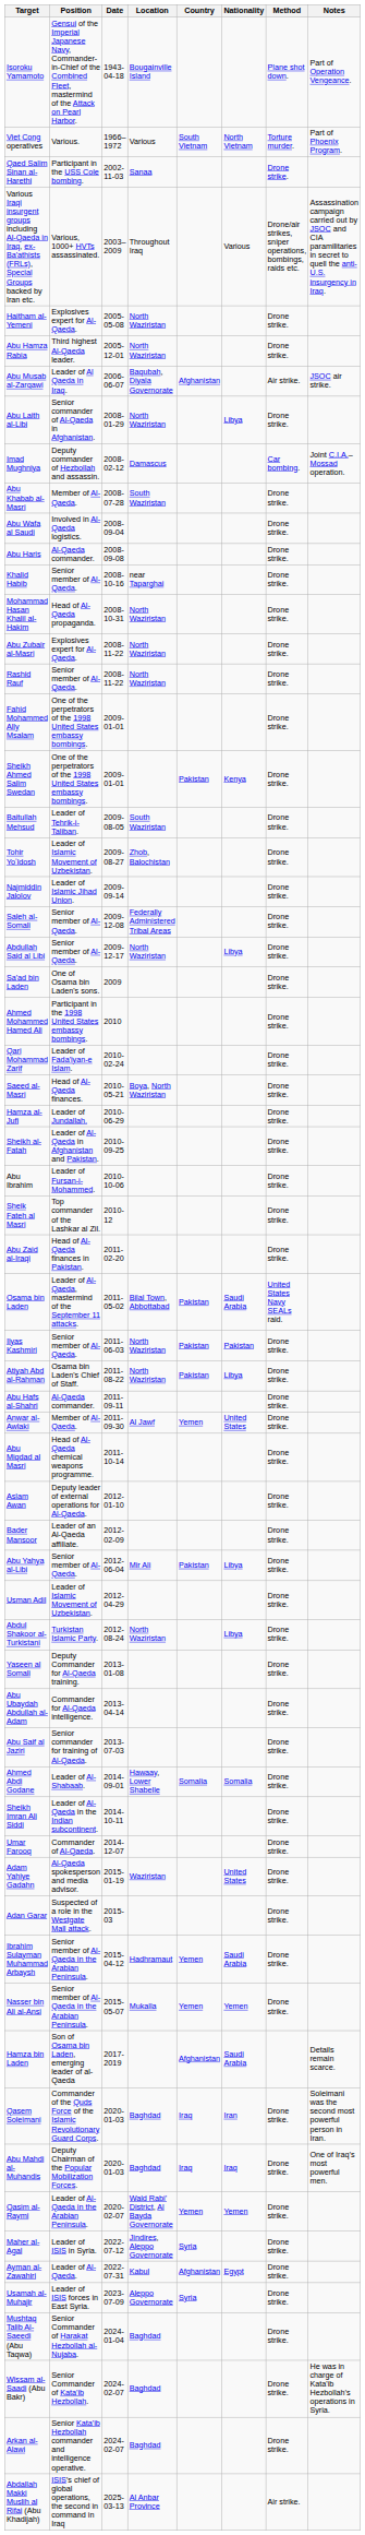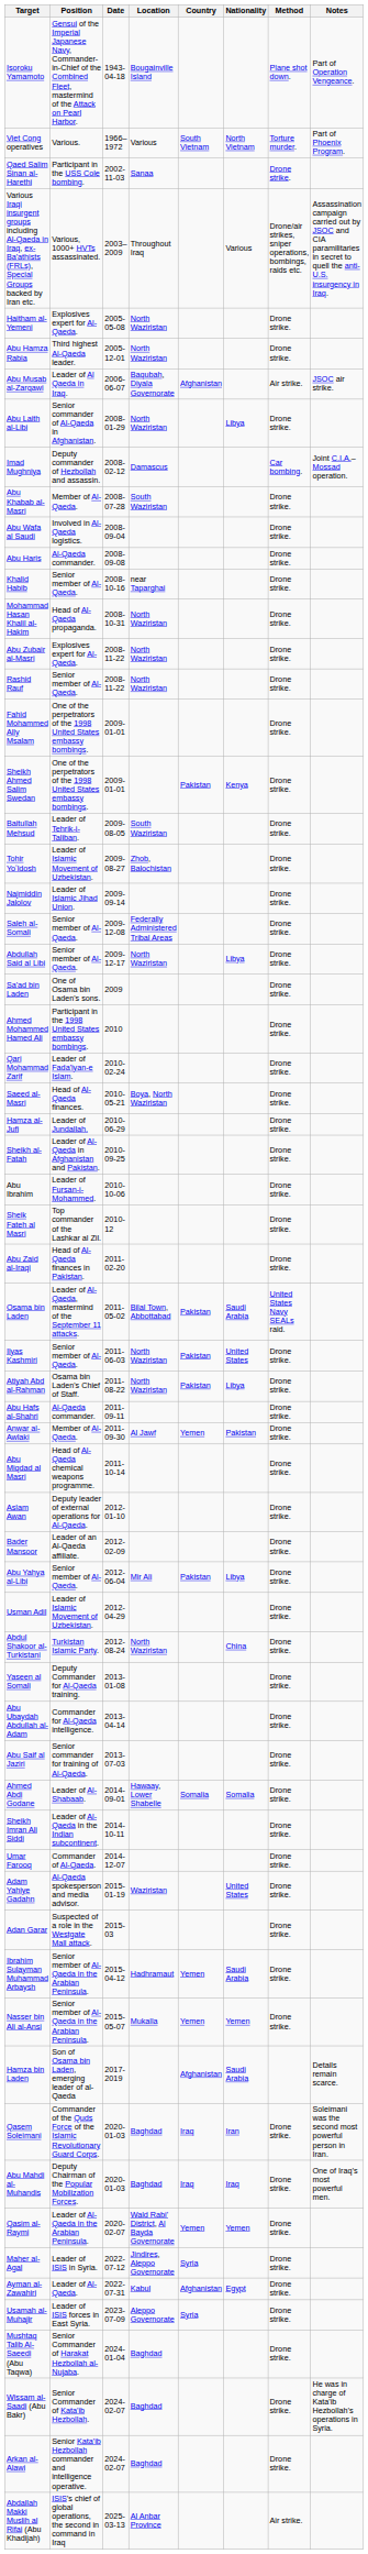 <table class="wikitable sortable">
 <tr>
 <th>Target</th>
 <th>Position</th>
 <th>Date</th>
 <th>Location</th>
 <th>Country</th>
 <th>Nationality</th>
 <th>Method</th>
 <th>Notes</th>
 </tr>
 <tr>
 <td><a href='#'>Isoroku Yamamoto</a></td>
 <td><a href='#'>Gensui</a> of the <a href='#'>Imperial Japanese Navy</a>, Commander-in-Chief of the <a href='#'>Combined Fleet</a>, mastermind of the <a href='#'>Attack on Pearl Harbor</a>.</td>
 <td>1943-04-18</td>
 <td><a href='#'>Bougainville Island</a></td>
 <td></td>
 <td></td>
 <td><a href='#'>Plane shot down</a>.</td>
 <td>Part of <a href='#'>Operation Vengeance</a>.</td>
 </tr>
 <tr>
 <td><a href='#'>Viet Cong</a> operatives</td>
 <td>Various.</td>
 <td>1966–1972</td>
 <td>Various</td>
 <td> <a href='#'>South Vietnam</a></td>
 <td> <a href='#'>North Vietnam</a></td>
 <td><a href='#'>Torture murder</a>.</td>
 <td>Part of <a href='#'>Phoenix Program</a>.</td>
 </tr>
 <tr>
 <td><a href='#'>Qaed Salim Sinan al-Harethi</a></td>
 <td>Participant in the <a href='#'>USS Cole bombing</a>.</td>
 <td>2002-11-03</td>
 <td><a href='#'>Sanaa</a></td>
 <td></td>
 <td></td>
 <td><a href='#'>Drone strike</a>.</td>
 <td></td>
 </tr>
 <tr>
 <td>Various <a href='#'>Iraqi insurgent groups</a> including <a href='#'>Al-Qaeda in Iraq</a>, <a href='#'>ex-Ba'athists (FRLs)</a>, <a href='#'>Special Groups</a> backed by Iran etc.</td>
 <td>Various, 1000+ <a href='#'>HVTs</a> assassinated.</td>
 <td>2003–2009</td>
 <td>Throughout Iraq</td>
 <td></td>
 <td>Various</td>
 <td>Drone/air strikes, sniper operations, bombings, raids etc.</td>
 <td>Assassination campaign carried out by <a href='#'>JSOC</a> and CIA paramilitaries in secret to quell the <a href='#'>anti-U.S. insurgency in Iraq</a>.</td>
 </tr>
 <tr>
 <td><a href='#'>Haitham al-Yemeni</a></td>
 <td>Explosives expert for <a href='#'>Al-Qaeda</a>.</td>
 <td>2005-05-08</td>
 <td><a href='#'>North Waziristan</a></td>
 <td></td>
 <td></td>
 <td>Drone strike.</td>
 <td></td>
 </tr>
 <tr>
 <td><a href='#'>Abu Hamza Rabia</a></td>
 <td>Third highest <a href='#'>Al-Qaeda</a> leader.</td>
 <td>2005-12-01</td>
 <td><a href='#'>North Waziristan</a></td>
 <td></td>
 <td></td>
 <td>Drone strike.</td>
 <td></td>
 </tr>
 <tr>
 <td><a href='#'>Abu Musab al-Zarqawi</a></td>
 <td>Leader of <a href='#'>Al Qaeda in Iraq</a>.</td>
 <td>2006-06-07</td>
 <td><a href='#'>Baqubah</a>, <a href='#'>Diyala Governorate</a></td>
 <td> <a href='#'>Afghanistan</a></td>
 <td></td>
 <td>Air strike.</td>
 <td><a href='#'>JSOC</a> air strike.</td>
 </tr>
 <tr>
 <td><a href='#'>Abu Laith al-Libi</a></td>
 <td>Senior commander of <a href='#'>Al-Qaeda</a> in <a href='#'>Afghanistan</a>.</td>
 <td>2008-01-29</td>
 <td><a href='#'>North Waziristan</a></td>
 <td></td>
 <td> <a href='#'>Libya</a></td>
 <td>Drone strike.</td>
 <td></td>
 </tr>
 <tr>
 <td><a href='#'>Imad Mughniya</a></td>
 <td>Deputy commander of <a href='#'>Hezbollah</a> and assassin.</td>
 <td>2008-02-12</td>
 <td><a href='#'>Damascus</a></td>
 <td></td>
 <td></td>
 <td><a href='#'>Car bombing</a>.</td>
 <td>Joint <a href='#'>C.I.A.</a>–<a href='#'>Mossad</a> operation.</td>
 </tr>
 <tr>
 <td><a href='#'>Abu Khabab al-Masri</a></td>
 <td>Member of <a href='#'>Al-Qaeda</a>.</td>
 <td>2008-07-28</td>
 <td><a href='#'>South Waziristan</a></td>
 <td></td>
 <td></td>
 <td>Drone strike.</td>
 <td></td>
 </tr>
 <tr>
 <td><a href='#'>Abu Wafa al Saudi</a></td>
 <td>Involved in <a href='#'>Al-Qaeda</a> logistics.</td>
 <td>2008-09-04</td>
 <td></td>
 <td></td>
 <td></td>
 <td>Drone strike.</td>
 <td></td>
 </tr>
 <tr>
 <td><a href='#'>Abu Haris</a></td>
 <td><a href='#'>Al-Qaeda</a> commander.</td>
 <td>2008-09-08</td>
 <td></td>
 <td></td>
 <td></td>
 <td>Drone strike.</td>
 <td></td>
 </tr>
 <tr>
 <td><a href='#'>Khalid Habib</a></td>
 <td>Senior member of <a href='#'>Al-Qaeda</a>.</td>
 <td>2008-10-16</td>
 <td>near <a href='#'>Taparghai</a></td>
 <td></td>
 <td></td>
 <td>Drone strike.</td>
 <td></td>
 </tr>
 <tr>
 <td><a href='#'>Mohammad Hasan Khalil al-Hakim</a></td>
 <td>Head of <a href='#'>Al-Qaeda</a> propaganda.</td>
 <td>2008-10-31</td>
 <td><a href='#'>North Waziristan</a></td>
 <td></td>
 <td></td>
 <td>Drone strike.</td>
 <td></td>
 </tr>
 <tr>
 <td><a href='#'>Abu Zubair al-Masri</a></td>
 <td>Explosives expert for <a href='#'>Al-Qaeda</a>.</td>
 <td>2008-11-22</td>
 <td><a href='#'>North Waziristan</a></td>
 <td></td>
 <td></td>
 <td>Drone strike.</td>
 <td></td>
 </tr>
 <tr>
 <td><a href='#'>Rashid Rauf</a></td>
 <td>Senior member of <a href='#'>Al-Qaeda</a>.</td>
 <td>2008-11-22</td>
 <td><a href='#'>North Waziristan</a></td>
 <td></td>
 <td></td>
 <td>Drone strike.</td>
 <td></td>
 </tr>
 <tr>
 <td><a href='#'>Fahid Mohammed Ally Msalam</a></td>
 <td>One of the perpetrators of the <a href='#'>1998 United States embassy bombings</a>.</td>
 <td>2009-01-01</td>
 <td></td>
 <td></td>
 <td></td>
 <td>Drone strike.</td>
 <td></td>
 </tr>
 <tr>
 <td><a href='#'>Sheikh Ahmed Salim Swedan</a></td>
 <td>One of the perpetrators of the <a href='#'>1998 United States embassy bombings</a>.</td>
 <td>2009-01-01</td>
 <td></td>
 <td> <a href='#'>Pakistan</a></td>
 <td> <a href='#'>Kenya</a></td>
 <td>Drone strike.</td>
 <td></td>
 </tr>
 <tr>
 <td><a href='#'>Baitullah Mehsud</a></td>
 <td>Leader of <a href='#'>Tehrik-i-Taliban</a>.</td>
 <td>2009-08-05</td>
 <td><a href='#'>South Waziristan</a></td>
 <td></td>
 <td></td>
 <td>Drone strike.</td>
 <td></td>
 </tr>
 <tr>
 <td><a href='#'>Tohir Yoʻldosh</a></td>
 <td>Leader of <a href='#'>Islamic Movement of Uzbekistan</a>.</td>
 <td>2009-08-27</td>
 <td><a href='#'>Zhob</a>, <a href='#'>Balochistan</a></td>
 <td></td>
 <td></td>
 <td>Drone strike.</td>
 <td></td>
 </tr>
 <tr>
 <td><a href='#'>Najmiddin Jalolov</a></td>
 <td>Leader of <a href='#'>Islamic Jihad Union</a>.</td>
 <td>2009-09-14</td>
 <td></td>
 <td></td>
 <td></td>
 <td>Drone strike.</td>
 <td></td>
 </tr>
 <tr>
 <td><a href='#'>Saleh al-Somali</a></td>
 <td>Senior member of <a href='#'>Al-Qaeda</a>.</td>
 <td>2009-12-08</td>
 <td><a href='#'>Federally Administered Tribal Areas</a></td>
 <td></td>
 <td></td>
 <td>Drone strike.</td>
 <td></td>
 </tr>
 <tr>
 <td><a href='#'>Abdullah Said al Libi</a></td>
 <td>Senior member of <a href='#'>Al-Qaeda</a>.</td>
 <td>2009-12-17</td>
 <td><a href='#'>North Waziristan</a></td>
 <td></td>
 <td> <a href='#'>Libya</a></td>
 <td>Drone strike.</td>
 <td></td>
 </tr>
 <tr>
 <td><a href='#'>Sa'ad bin Laden</a></td>
 <td>One of Osama bin Laden's sons.</td>
 <td>2009</td>
 <td></td>
 <td></td>
 <td></td>
 <td>Drone strike.</td>
 <td></td>
 </tr>
 <tr>
 <td><a href='#'>Ahmed Mohammed Hamed Ali</a></td>
 <td>Participant in the <a href='#'>1998 United States embassy bombings</a>.</td>
 <td>2010</td>
 <td></td>
 <td></td>
 <td></td>
 <td>Drone strike.</td>
 <td></td>
 </tr>
 <tr>
 <td><a href='#'>Qari Mohammad Zarif</a></td>
 <td>Leader of <a href='#'>Fada'iyan-e Islam</a>.</td>
 <td>2010-02-24</td>
 <td></td>
 <td></td>
 <td></td>
 <td>Drone strike.</td>
 <td></td>
 </tr>
 <tr>
 <td><a href='#'>Saeed al-Masri</a></td>
 <td>Head of <a href='#'>Al-Qaeda</a> finances.</td>
 <td>2010-05-21</td>
 <td><a href='#'>Boya</a>, <a href='#'>North Waziristan</a></td>
 <td></td>
 <td></td>
 <td>Drone strike.</td>
 <td></td>
 </tr>
 <tr>
 <td><a href='#'>Hamza al-Jufi</a></td>
 <td>Leader of <a href='#'>Jundallah.</a></td>
 <td>2010-06-29</td>
 <td></td>
 <td></td>
 <td></td>
 <td>Drone strike.</td>
 <td></td>
 </tr>
 <tr>
 <td><a href='#'>Sheikh al-Fatah</a></td>
 <td>Leader of <a href='#'>Al-Qaeda</a> in <a href='#'>Afghanistan</a> and <a href='#'>Pakistan</a>.</td>
 <td>2010-09-25</td>
 <td></td>
 <td></td>
 <td></td>
 <td>Drone strike.</td>
 <td></td>
 </tr>
 <tr>
 <td>Abu Ibrahim</td>
 <td>Leader of <a href='#'>Fursan-i-Mohammed</a>.</td>
 <td>2010-10-06</td>
 <td></td>
 <td></td>
 <td></td>
 <td>Drone strike.</td>
 <td></td>
 </tr>
 <tr>
 <td><a href='#'>Sheik Fateh al Masri</a></td>
 <td>Top commander of the Lashkar al Zil.</td>
 <td>2010-12</td>
 <td></td>
 <td></td>
 <td></td>
 <td>Drone strike.</td>
 <td></td>
 </tr>
 <tr>
 <td><a href='#'>Abu Zaid al-Iraqi</a></td>
 <td>Head of <a href='#'>Al-Qaeda</a> finances in <a href='#'>Pakistan</a>.</td>
 <td>2011-02-20</td>
 <td></td>
 <td></td>
 <td></td>
 <td>Drone strike.</td>
 <td></td>
 </tr>
 <tr>
 <td><a href='#'>Osama bin Laden</a></td>
 <td>Leader of <a href='#'>Al-Qaeda</a>, mastermind of the <a href='#'>September 11 attacks</a>.</td>
 <td>2011-05-02</td>
 <td><a href='#'>Bilal Town</a>, <a href='#'>Abbottabad</a></td>
 <td> <a href='#'>Pakistan</a></td>
 <td> <a href='#'>Saudi Arabia</a></td>
 <td><a href='#'>United States Navy SEALs</a> raid.</td>
 <td></td>
 </tr>
 <tr>
 <td><a href='#'>Ilyas Kashmiri</a></td>
 <td>Senior member of <a href='#'>Al-Qaeda</a>.</td>
 <td>2011-06-03</td>
 <td><a href='#'>North Waziristan</a></td>
 <td> <a href='#'>Pakistan</a></td>
-<td> <a href='#'>Pakistan</a></td>
+<td> <a href='#'>United States</a></td>
 <td>Drone strike.</td>
 <td></td>
 </tr>
 <tr>
 <td><a href='#'>Atiyah Abd al-Rahman</a></td>
 <td>Osama bin Laden's Chief of Staff.</td>
 <td>2011-08-22</td>
 <td><a href='#'>North Waziristan</a></td>
 <td> <a href='#'>Pakistan</a></td>
 <td> <a href='#'>Libya</a></td>
 <td>Drone strike.</td>
 <td></td>
 </tr>
 <tr>
 <td><a href='#'>Abu Hafs al-Shahri</a></td>
 <td><a href='#'>Al-Qaeda</a> commander.</td>
 <td>2011-09-11</td>
 <td></td>
 <td></td>
 <td></td>
 <td>Drone strike.</td>
 <td></td>
 </tr>
 <tr>
 <td><a href='#'>Anwar al-Awlaki</a></td>
 <td>Member of <a href='#'>Al-Qaeda</a>.</td>
 <td>2011-09-30</td>
 <td><a href='#'>Al Jawf</a></td>
 <td> <a href='#'>Yemen</a></td>
-<td> <a href='#'>United States</a></td>
+<td> <a href='#'>Pakistan</a></td>
 <td>Drone strike.</td>
 <td></td>
 </tr>
 <tr>
 <td><a href='#'>Abu Miqdad al Masri</a></td>
 <td>Head of <a href='#'>Al-Qaeda</a> chemical weapons programme.</td>
 <td>2011-10-14</td>
 <td></td>
 <td></td>
 <td></td>
 <td>Drone strike.</td>
 <td></td>
 </tr>
 <tr>
 <td><a href='#'>Aslam Awan</a></td>
 <td>Deputy leader of external operations for <a href='#'>Al-Qaeda</a>.</td>
 <td>2012-01-10</td>
 <td></td>
 <td></td>
 <td></td>
 <td>Drone strike.</td>
 <td></td>
 </tr>
 <tr>
 <td><a href='#'>Bader Mansoor</a></td>
 <td>Leader of an Al-Qaeda affiliate.</td>
 <td>2012-02-09</td>
 <td></td>
 <td></td>
 <td></td>
 <td>Drone strike.</td>
 <td></td>
 </tr>
 <tr>
 <td><a href='#'>Abu Yahya al-Libi</a></td>
 <td>Senior member of <a href='#'>Al-Qaeda</a>.</td>
 <td>2012-06-04</td>
 <td><a href='#'>Mir Ali</a></td>
 <td> <a href='#'>Pakistan</a></td>
 <td> <a href='#'>Libya</a></td>
 <td>Drone strike.</td>
 <td></td>
 </tr>
 <tr>
 <td><a href='#'>Usman Adil</a></td>
 <td>Leader of <a href='#'>Islamic Movement of Uzbekistan</a>.</td>
 <td>2012-04-29</td>
 <td></td>
 <td></td>
 <td></td>
 <td>Drone strike.</td>
 <td></td>
 </tr>
 <tr>
 <td><a href='#'>Abdul Shakoor al-Turkistani</a></td>
 <td><a href='#'>Turkistan Islamic Party</a>.</td>
 <td>2012-08-24</td>
 <td><a href='#'>North Waziristan</a></td>
 <td></td>
-<td> <a href='#'>Libya</a></td>
+<td> <a href='#'>China</a></td>
 <td>Drone strike.</td>
 <td></td>
 </tr>
 <tr>
 <td><a href='#'>Yaseen al Somali</a></td>
 <td>Deputy Commander for <a href='#'>Al-Qaeda</a> training.</td>
 <td>2013-01-08</td>
 <td></td>
 <td></td>
 <td></td>
 <td>Drone strike.</td>
 <td></td>
 </tr>
 <tr>
 <td><a href='#'>Abu Ubaydah Abdullah al-Adam</a></td>
 <td>Commander for <a href='#'>Al-Qaeda</a> intelligence.</td>
 <td>2013-04-14</td>
 <td></td>
 <td></td>
 <td></td>
 <td>Drone strike.</td>
 <td></td>
 </tr>
 <tr>
 <td><a href='#'>Abu Saif al Jaziri</a></td>
 <td>Senior commander for training of <a href='#'>Al-Qaeda</a>.</td>
 <td>2013-07-03</td>
 <td></td>
 <td></td>
 <td></td>
 <td>Drone strike.</td>
 <td></td>
 </tr>
 <tr>
 <td><a href='#'>Ahmed Abdi Godane</a></td>
 <td>Leader of <a href='#'>Al-Shabaab</a>.</td>
 <td>2014-09-01</td>
 <td><a href='#'>Hawaay</a>, <a href='#'>Lower Shabelle</a></td>
 <td> <a href='#'>Somalia</a></td>
 <td> <a href='#'>Somalia</a></td>
 <td>Drone strike.</td>
 <td></td>
 </tr>
 <tr>
 <td><a href='#'>Sheikh Imran Ali Siddi</a></td>
 <td>Leader of <a href='#'>Al-Qaeda</a> in the <a href='#'>Indian subcontinent</a>.</td>
 <td>2014-10-11</td>
 <td></td>
 <td></td>
 <td></td>
 <td>Drone strike.</td>
 <td></td>
 </tr>
 <tr>
 <td><a href='#'>Umar Farooq</a></td>
 <td>Commander of <a href='#'>Al-Qaeda</a>.</td>
 <td>2014-12-07</td>
 <td></td>
 <td></td>
 <td></td>
 <td>Drone strike.</td>
 <td></td>
 </tr>
 <tr>
 <td><a href='#'>Adam Yahiye Gadahn</a></td>
 <td><a href='#'>Al-Qaeda</a> spokesperson and media advisor.</td>
 <td>2015-01-19</td>
 <td><a href='#'>Waziristan</a></td>
 <td></td>
 <td> <a href='#'>United States</a></td>
 <td>Drone strike.</td>
 <td></td>
 </tr>
 <tr>
 <td><a href='#'>Adan Garar</a></td>
 <td>Suspected of a role in the <a href='#'>Westgate Mall attack</a>.</td>
 <td>2015-03</td>
 <td></td>
 <td></td>
 <td></td>
 <td>Drone strike.</td>
 <td></td>
 </tr>
 <tr>
 <td><a href='#'>Ibrahim Sulayman Muhammad Arbaysh</a></td>
 <td>Senior member of <a href='#'>Al-Qaeda in the Arabian Peninsula</a>.</td>
 <td>2015-04-12</td>
 <td><a href='#'>Hadhramaut</a></td>
 <td> <a href='#'>Yemen</a></td>
 <td> <a href='#'>Saudi Arabia</a></td>
 <td>Drone strike.</td>
 <td></td>
 </tr>
 <tr>
 <td><a href='#'>Nasser bin Ali al-Ansi</a></td>
 <td>Senior member of <a href='#'>Al-Qaeda in the Arabian Peninsula</a>.</td>
 <td>2015-05-07</td>
 <td><a href='#'>Mukalla</a></td>
 <td> <a href='#'>Yemen</a></td>
 <td> <a href='#'>Yemen</a></td>
 <td>Drone strike.</td>
 <td></td>
 </tr>
 <tr>
 <td><a href='#'>Hamza bin Laden</a></td>
 <td>Son of <a href='#'>Osama bin Laden</a>, emerging leader of al-Qaeda</td>
 <td>2017-2019</td>
 <td></td>
 <td> <a href='#'>Afghanistan</a></td>
 <td> <a href='#'>Saudi Arabia</a></td>
 <td></td>
 <td>Details remain scarce.</td>
 </tr>
 <tr>
 <td><a href='#'>Qasem Soleimani</a></td>
 <td>Commander of the <a href='#'>Quds Force</a> of the <a href='#'>Islamic Revolutionary Guard Corps</a>.</td>
 <td>2020-01-03</td>
 <td><a href='#'>Baghdad</a></td>
 <td> <a href='#'>Iraq</a></td>
 <td> <a href='#'>Iran</a></td>
 <td>Drone strike.</td>
 <td>Soleimani was the second most powerful person in Iran.</td>
 </tr>
 <tr>
 <td><a href='#'>Abu Mahdi al-Muhandis</a></td>
 <td>Deputy Chairman of the <a href='#'>Popular Mobilization Forces</a>.</td>
 <td>2020-01-03</td>
 <td><a href='#'>Baghdad</a></td>
 <td> <a href='#'>Iraq</a></td>
 <td> <a href='#'>Iraq</a></td>
 <td>Drone strike.</td>
 <td>One of Iraq’s most powerful men.</td>
 </tr>
 <tr>
 <td><a href='#'>Qasim al-Raymi</a></td>
 <td>Leader of <a href='#'>Al-Qaeda in the Arabian Peninsula</a>.</td>
 <td>2020-02-07</td>
 <td><a href='#'>Wald Rabi' District</a>, <a href='#'>Al Bayda Governorate</a></td>
 <td> <a href='#'>Yemen</a></td>
 <td> <a href='#'>Yemen</a></td>
 <td>Drone strike.</td>
 <td></td>
 </tr>
 <tr>
 <td><a href='#'>Maher al-Agal</a></td>
 <td>Leader of <a href='#'>ISIS</a> in Syria.</td>
 <td>2022-07-12</td>
 <td><a href='#'>Jindires</a>, <a href='#'>Aleppo Governorate</a></td>
 <td> <a href='#'>Syria</a></td>
 <td></td>
 <td>Drone strike.</td>
 <td></td>
 </tr>
 <tr>
 <td><a href='#'>Ayman al-Zawahiri</a></td>
 <td>Leader of <a href='#'>Al-Qaeda</a>.</td>
 <td>2022-07-31</td>
 <td><a href='#'>Kabul</a></td>
 <td> <a href='#'>Afghanistan</a></td>
 <td> <a href='#'>Egypt</a></td>
 <td>Drone strike.</td>
 <td></td>
 </tr>
 <tr>
 <td><a href='#'>Usamah al-Muhajir</a></td>
 <td>Leader of <a href='#'>ISIS</a> forces in East Syria.</td>
 <td>2023-07-09</td>
 <td><a href='#'>Aleppo Governorate</a></td>
 <td> <a href='#'>Syria</a></td>
 <td></td>
 <td>Drone strike.</td>
 <td></td>
 </tr>
 <tr>
 <td><a href='#'>Mushtaq Talib Al-Saeedi</a> (Abu Taqwa)</td>
 <td>Senior Commander of <a href='#'>Harakat Hezbollah al-Nujaba</a>.</td>
 <td>2024-01-04</td>
 <td><a href='#'>Baghdad</a></td>
 <td></td>
 <td></td>
 <td>Drone strike.</td>
 <td></td>
 </tr>
 <tr>
 <td><a href='#'>Wissam al-Saadi</a> (Abu Bakr)</td>
 <td>Senior Commander of <a href='#'>Kata'ib Hezbollah</a>.</td>
 <td>2024-02-07</td>
 <td><a href='#'>Baghdad</a></td>
 <td></td>
 <td></td>
 <td>Drone strike.</td>
 <td>He was in charge of Kata'ib Hezbollah’s operations in Syria.</td>
 </tr>
 <tr>
 <td><a href='#'>Arkan al-Alawi</a></td>
 <td>Senior <a href='#'>Kata'ib Hezbollah</a> commander and intelligence operative.</td>
 <td>2024-02-07</td>
 <td><a href='#'>Baghdad</a></td>
 <td></td>
 <td></td>
 <td>Drone strike.</td>
 <td></td>
 </tr>
 <tr>
 <td><a href='#'>Abdallah Makki Muslih al Rifai</a> (Abu Khadijah)</td>
 <td><a href='#'>ISIS</a>’s chief of global operations, the second in command in Iraq</td>
 <td>2025-03-13</td>
 <td><a href='#'>Al Anbar Province</a></td>
 <td></td>
 <td></td>
 <td>Air strike.</td>
 <td></td>
 </tr>
 </table>
